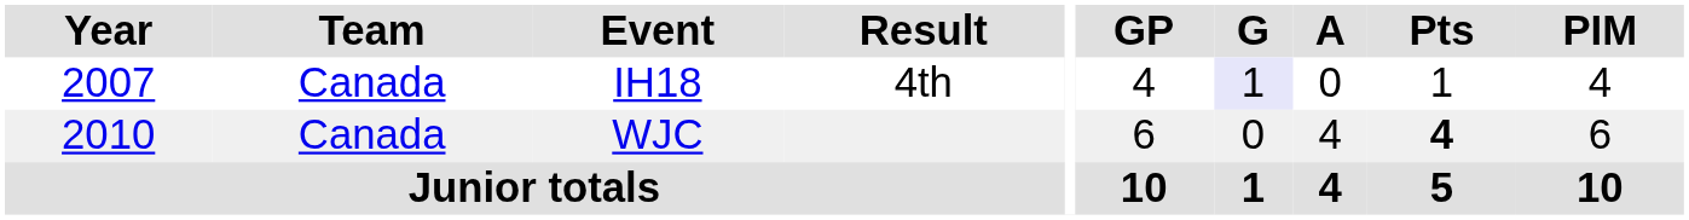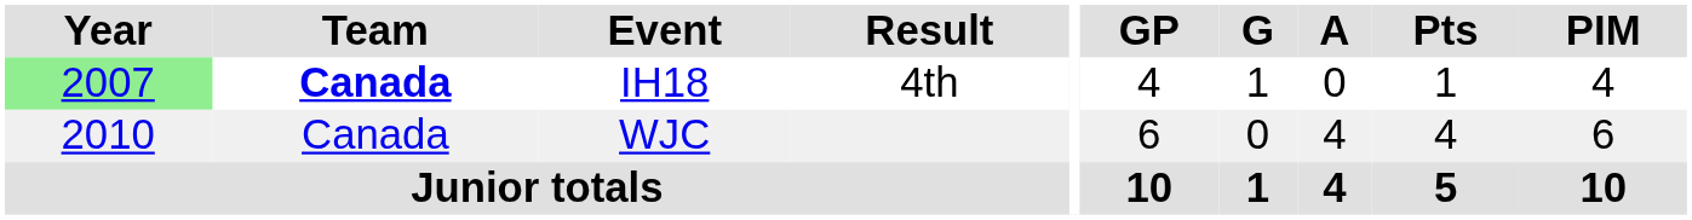 <table border="0" cellpadding="1" cellspacing="0" ID="Table3" style="text-align:center; width:40em">
 <tr ALIGN="center" bgcolor="#e0e0e0">
 <th>Year</th>
 <th>Team</th>
 <th>Event</th>
 <th>Result</th>
 <th rowspan="99" bgcolor="#ffffff"></th>
 <th>GP</th>
 <th>G</th>
 <th>A</th>
 <th>Pts</th>
 <th>PIM</th>
 </tr>
 <tr>
-<td><a href='#'>2007</a></td>
-<td><a href='#'>Canada</a></td>
+<td style="background: lightgreen;"><a href='#'>2007</a></td>
+<td><strong><a href='#'>Canada</a></strong></td>
 <td><a href='#'>IH18</a></td>
 <td>4th</td>
 <td>4</td>
-<td style="background: lavender;">1</td>
+<td>1</td>
 <td>0</td>
 <td>1</td>
 <td>4</td>
 </tr>
 <tr bgcolor="#f0f0f0">
 <td><a href='#'>2010</a></td>
 <td><a href='#'>Canada</a></td>
 <td><a href='#'>WJC</a></td>
 <td></td>
 <td>6</td>
 <td>0</td>
 <td>4</td>
-<td><strong>4</strong></td>
+<td>4</td>
 <td>6</td>
 </tr>
 <tr bgcolor="#e0e0e0">
 <th colspan=4>Junior totals</th>
 <th>10</th>
 <th>1</th>
 <th>4</th>
 <th>5</th>
 <th>10</th>
 </tr>
 </table>
